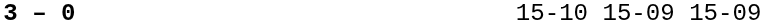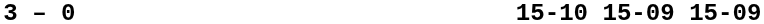 <table width=100% cellspacing=1>
 <tr>
 <th width=20%></th>
 <th width=12%></th>
 <th width=20%></th>
 <th width=33%></th>
 <td></td>
 </tr>
 <tr style=font-size:90%>
 <td align=right></td>
 <td align=center><strong>3 – 0</strong></td>
 <td></td>
-<td>15-10 15-09 15-09</td>
+<td><strong>15-10 15-09 15-09</strong></td>
 </tr>
 </table>
